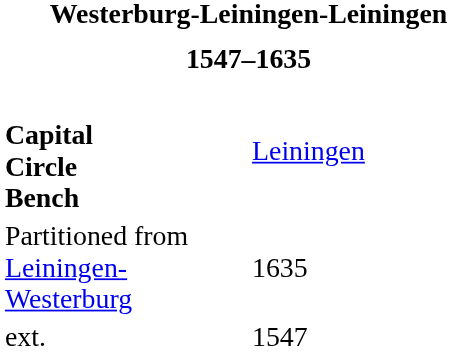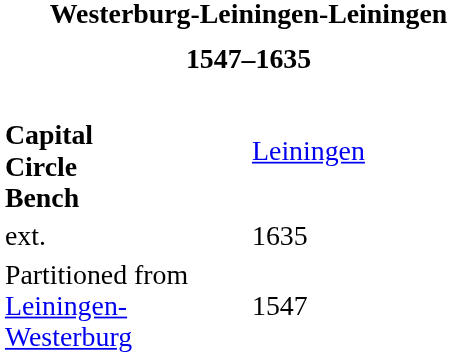 <table align="right" class="toccolours">
 <tr>
 <td colspan=2 align="center"><strong>Westerburg-Leiningen-Leiningen</strong></td>
 </tr>
 <tr>
 <td colspan=2 align="center"></td>
 </tr>
 <tr>
 <td colspan=2 align="center"><strong>1547–1635</strong></td>
 </tr>
 <tr>
 <td><br></td>
 </tr>
 <tr>
 <td width=138px><strong>Capital<br>Circle<br>Bench</strong></td>
 <td width=138px><a href='#'>Leiningen</a><br><br></td>
 </tr>
 <tr>
-<td>Partitioned from <a href='#'>Leiningen-Westerburg</a></td>
+<td>ext.</td>
 <td>1635</td>
 </tr>
 <tr>
-<td>ext.</td>
+<td>Partitioned from <a href='#'>Leiningen-Westerburg</a></td>
 <td>1547</td>
 </tr>
 <tr>
 </tr>
 </table>
